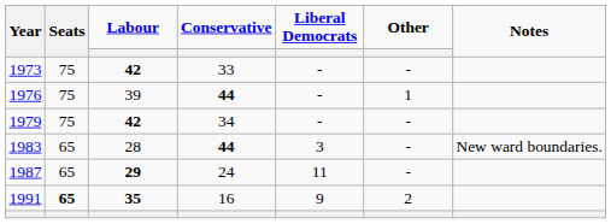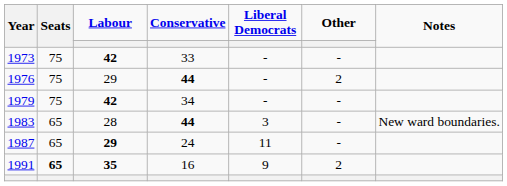 <table class="wikitable" style=text-align:center>
 <tr>
 <th rowspan=2><strong>Year</strong></th>
 <th rowspan=2><strong>Seats</strong></th>
 <td width="80"><a href='#'><strong>Labour</strong></a></td>
 <td width="80"><a href='#'><strong>Conservative</strong></a></td>
 <td width="80"><a href='#'><strong>Liberal Democrats</strong></a></td>
 <td width="80"><strong>Other</strong></td>
 <td rowspan=2><strong>Notes</strong></td>
 </tr>
 <tr>
 <th style="background-color: "></th>
 <th style="background-color: "></th>
 <th style="background-color: "></th>
 <th style="background-color: "></th>
 </tr>
 <tr>
 <td><a href='#'>1973</a></td>
 <td>75</td>
 <td><strong>42</strong></td>
 <td>33</td>
 <td>-</td>
 <td>-</td>
 <td></td>
 </tr>
 <tr>
 <td><a href='#'>1976</a></td>
 <td>75</td>
-<td>39</td>
+<td>29</td>
 <td><strong>44</strong></td>
 <td>-</td>
-<td>1</td>
+<td>2</td>
 <td></td>
 </tr>
 <tr>
 <td><a href='#'>1979</a></td>
 <td>75</td>
 <td><strong>42</strong></td>
 <td>34</td>
 <td>-</td>
 <td>-</td>
 <td></td>
 </tr>
 <tr>
 <td><a href='#'>1983</a></td>
 <td>65</td>
 <td>28</td>
 <td><strong>44</strong></td>
 <td>3</td>
 <td>-</td>
 <td>New ward boundaries.</td>
 </tr>
 <tr>
 <td><a href='#'>1987</a></td>
 <td>65</td>
 <td><strong>29</strong></td>
 <td>24</td>
 <td>11</td>
 <td>-</td>
 <td></td>
 </tr>
 <tr>
 <td><a href='#'>1991</a></td>
 <td><strong>65</strong></td>
 <td><strong>35</strong></td>
 <td>16</td>
 <td>9</td>
 <td>2</td>
 <td></td>
 </tr>
 <tr>
 <th></th>
 <th></th>
 <th style="background-color: "></th>
 <th style="background-color: "></th>
 <th style="background-color: "></th>
 <th style="background-color: "></th>
 <th></th>
 </tr>
 </table>
